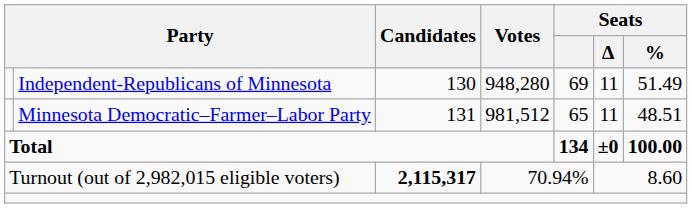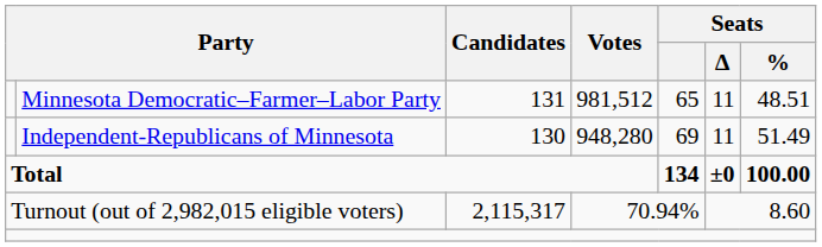 <table class="wikitable">
 <tr>
 <th rowspan="2" colspan="2">Party</th>
 <th rowspan="2">Candidates</th>
 <th rowspan="2" colspan="1">Votes</th>
 <th colspan="3">Seats</th>
 </tr>
 <tr>
 <th></th>
 <th>∆</th>
 <th>%</th>
 </tr>
 <tr>
 <td style="background-color:"></td>
+<td><a href='#'>Minnesota Democratic–Farmer–Labor Party</a></td>
+<td align="right">131</td>
+<td align="right">981,512</td>
+<td align="right">65</td>
+<td align="right">11</td>
+<td align="right">48.51</td>
+</tr>
+<tr>
+<td style="background-color:"></td>
 <td><a href='#'>Independent-Republicans of Minnesota</a></td>
 <td align="right">130</td>
 <td align="right">948,280</td>
 <td align="right">69</td>
 <td align="right">11</td>
 <td align="right">51.49</td>
-</tr>
-<tr>
-<td style="background-color:"></td>
-<td><a href='#'>Minnesota Democratic–Farmer–Labor Party</a></td>
-<td align="right">131</td>
-<td align="right">981,512</td>
-<td align="right">65</td>
-<td align="right">11</td>
-<td align="right">48.51</td>
 </tr>
 <tr>
 <td colspan="4" align="left"><strong>Total</strong></td>
 <td align="right"><strong>134</strong></td>
 <td align="right"><strong>±0</strong></td>
 <td align="right"><strong>100.00</strong></td>
 </tr>
 <tr>
 <td colspan="2" align="left">Turnout (out of 2,982,015 eligible voters)</td>
-<td colspan="1" align="right"><strong>2,115,317</strong></td>
+<td colspan="1" align="right">2,115,317</td>
 <td colspan="2" align="right">70.94%</td>
 <td colspan="2" align="right">8.60 </td>
 </tr>
 <tr>
 <td colspan="7"></td>
 </tr>
 </table>
